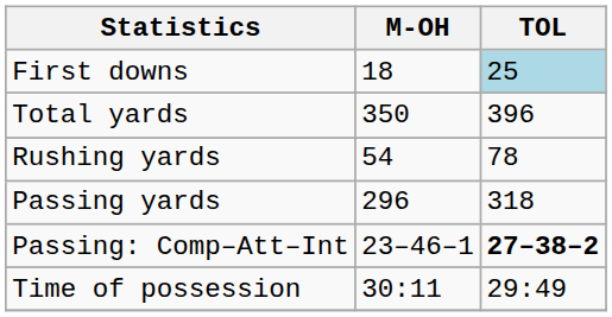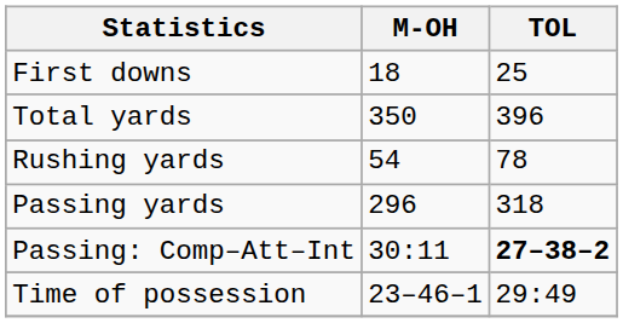 <table class="wikitable" style="float: left;">
 <tr>
 <th>Statistics</th>
 <th>M-OH</th>
 <th>TOL</th>
 </tr>
 <tr>
 <td>First downs</td>
 <td>18</td>
-<td style="background: lightblue;">25</td>
+<td>25</td>
 </tr>
 <tr>
 <td>Total yards</td>
 <td>350</td>
 <td>396</td>
 </tr>
 <tr>
 <td>Rushing yards</td>
 <td>54</td>
 <td>78</td>
 </tr>
 <tr>
 <td>Passing yards</td>
 <td>296</td>
 <td>318</td>
 </tr>
 <tr>
 <td>Passing: Comp–Att–Int</td>
-<td>23–46–1</td>
+<td>30:11</td>
 <td><strong>27–38–2</strong></td>
 </tr>
 <tr>
 <td>Time of possession</td>
-<td>30:11</td>
+<td>23–46–1</td>
 <td>29:49</td>
 </tr>
 <tr>
 </tr>
 </table>
